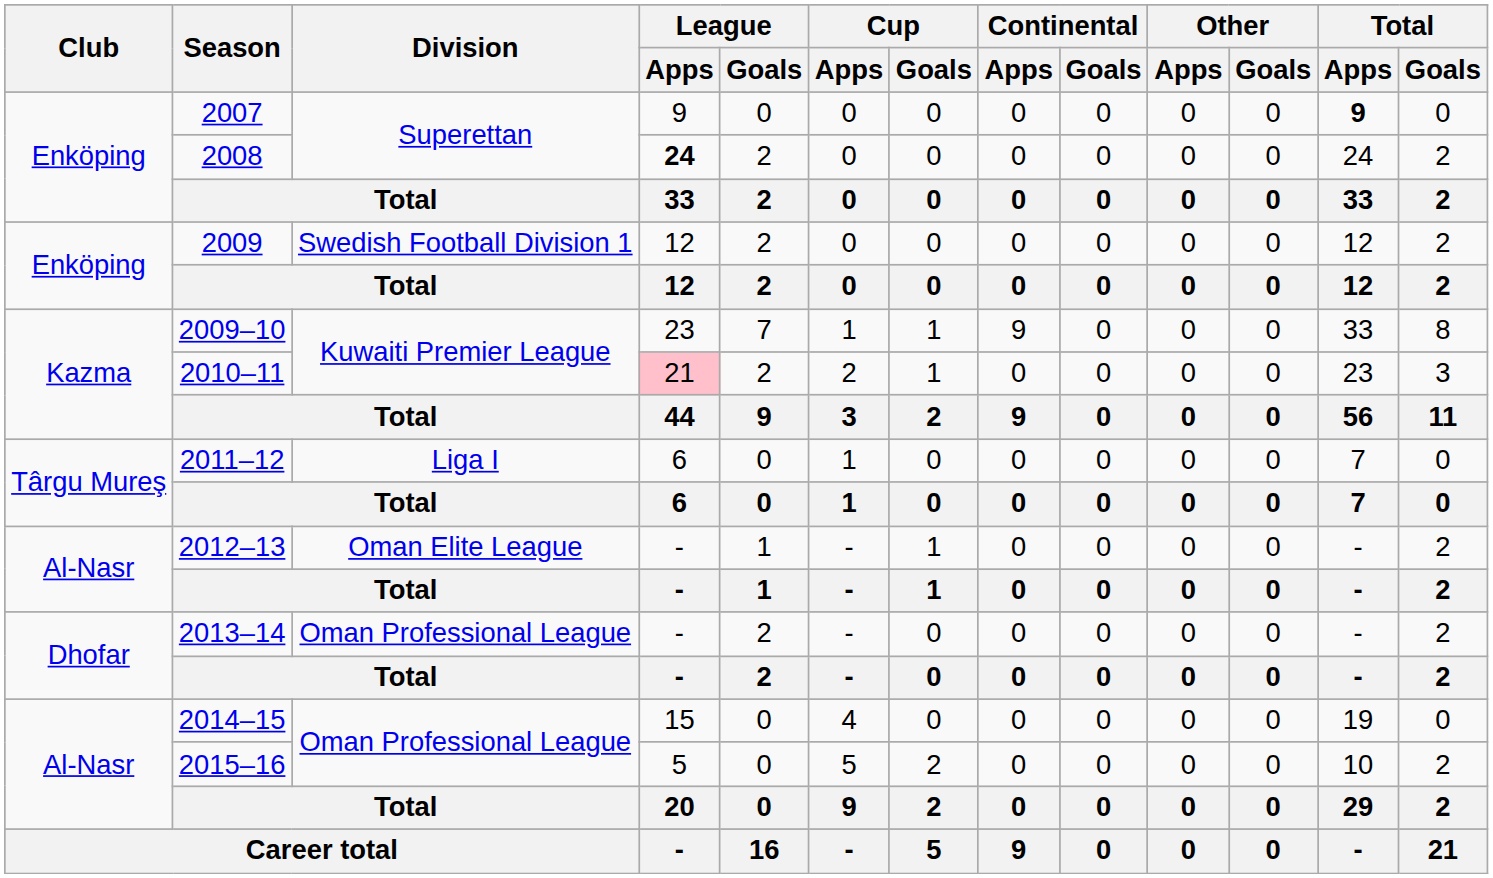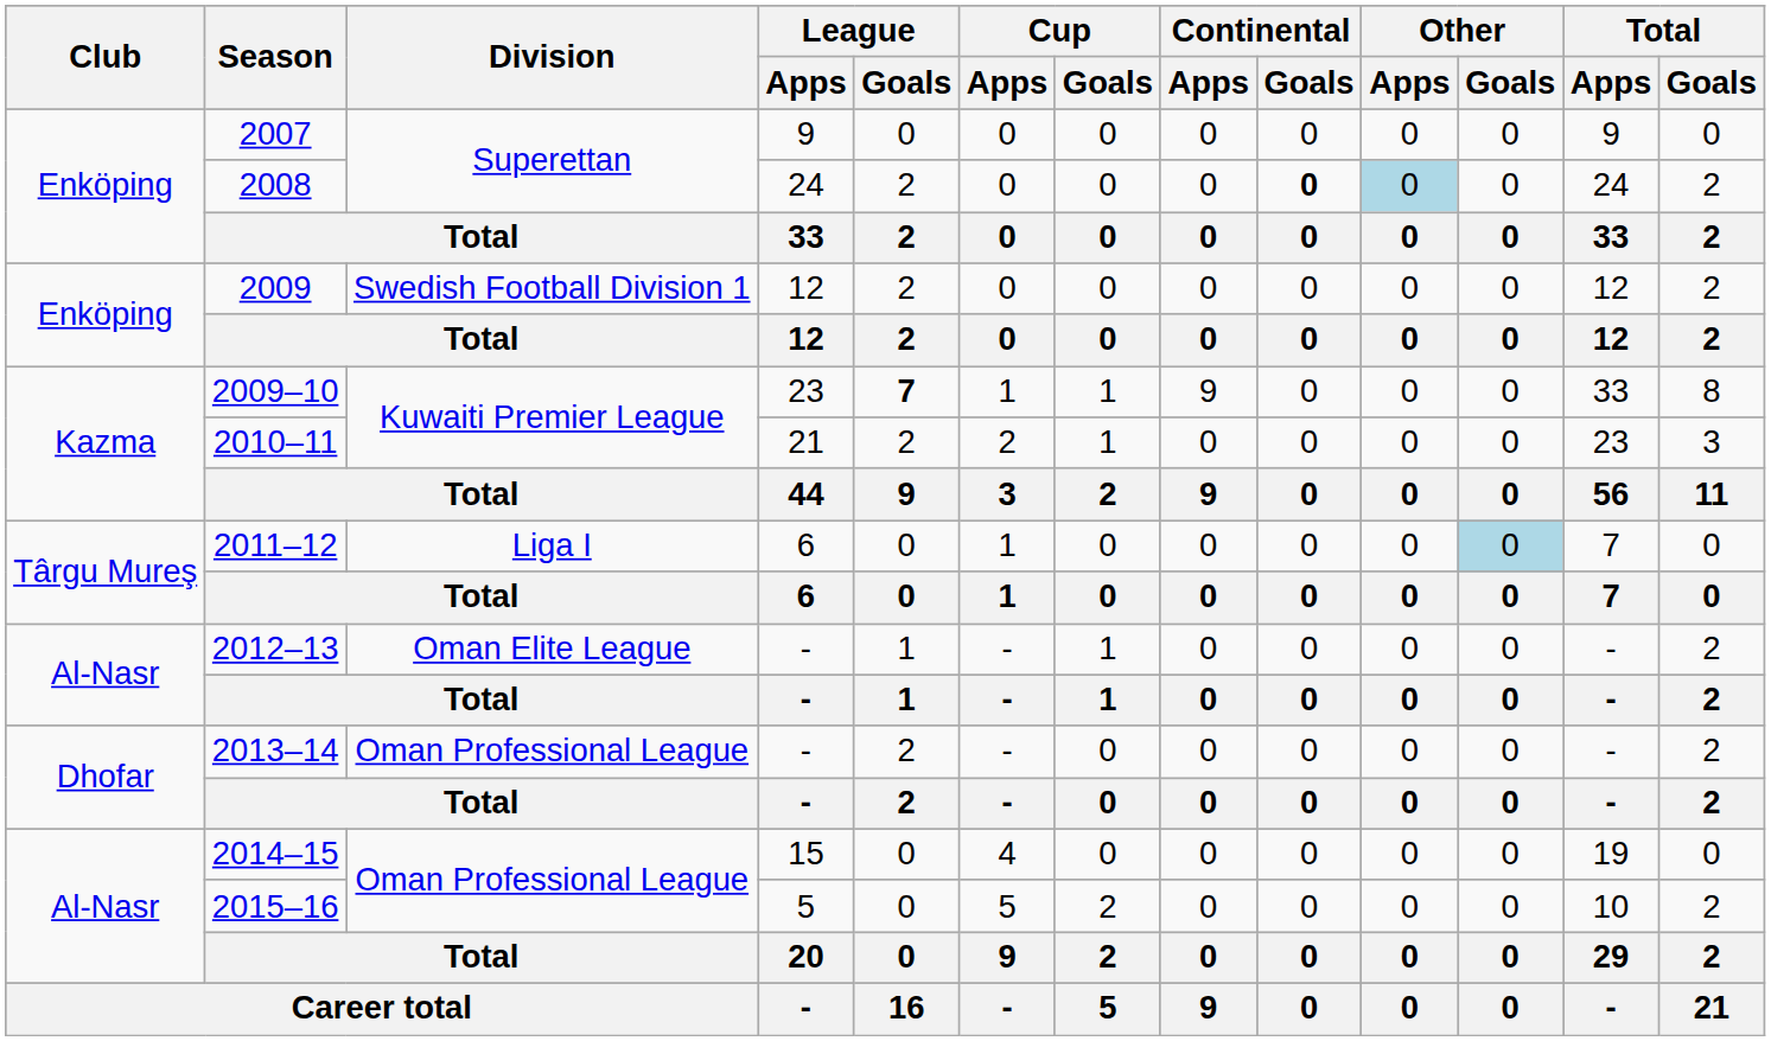 <table class="wikitable" style="text-align: center;">
 <tr>
 <th rowspan="2">Club</th>
 <th rowspan="2">Season</th>
 <th rowspan="2">Division</th>
 <th colspan="2">League</th>
 <th colspan="2">Cup</th>
 <th colspan="2">Continental</th>
 <th colspan="2">Other</th>
 <th colspan="2">Total</th>
 </tr>
 <tr>
 <th>Apps</th>
 <th>Goals</th>
 <th>Apps</th>
 <th>Goals</th>
 <th>Apps</th>
 <th>Goals</th>
 <th>Apps</th>
 <th>Goals</th>
 <th>Apps</th>
 <th>Goals</th>
 </tr>
 <tr>
 <td rowspan="3"><a href='#'>Enköping</a></td>
 <td><a href='#'>2007</a></td>
 <td rowspan="2"><a href='#'>Superettan</a></td>
 <td>9</td>
 <td>0</td>
 <td>0</td>
 <td>0</td>
 <td>0</td>
 <td>0</td>
 <td>0</td>
 <td>0</td>
-<td><strong>9</strong></td>
+<td>9</td>
 <td>0</td>
 </tr>
 <tr>
 <td><a href='#'>2008</a></td>
-<td><strong>24</strong></td>
+<td>24</td>
 <td>2</td>
 <td>0</td>
 <td>0</td>
 <td>0</td>
-<td>0</td>
-<td>0</td>
+<td><strong>0</strong></td>
+<td style="background: lightblue;">0</td>
 <td>0</td>
 <td>24</td>
 <td>2</td>
 </tr>
 <tr>
 <th colspan="2">Total</th>
 <th>33</th>
 <th>2</th>
 <th>0</th>
 <th>0</th>
 <th>0</th>
 <th>0</th>
 <th>0</th>
 <th>0</th>
 <th>33</th>
 <th>2</th>
 </tr>
 <tr>
 <td rowspan="2"><a href='#'>Enköping</a></td>
 <td><a href='#'>2009</a></td>
 <td rowspan="1"><a href='#'>Swedish Football Division 1</a></td>
 <td>12</td>
 <td>2</td>
 <td>0</td>
 <td>0</td>
 <td>0</td>
 <td>0</td>
 <td>0</td>
 <td>0</td>
 <td>12</td>
 <td>2</td>
 </tr>
 <tr>
 <th colspan="2">Total</th>
 <th>12</th>
 <th>2</th>
 <th>0</th>
 <th>0</th>
 <th>0</th>
 <th>0</th>
 <th>0</th>
 <th>0</th>
 <th>12</th>
 <th>2</th>
 </tr>
 <tr>
 <td rowspan="3"><a href='#'>Kazma</a></td>
 <td><a href='#'>2009–10</a></td>
 <td rowspan="2"><a href='#'>Kuwaiti Premier League</a></td>
 <td>23</td>
-<td>7</td>
+<td><strong>7</strong></td>
 <td>1</td>
 <td>1</td>
 <td>9</td>
 <td>0</td>
 <td>0</td>
 <td>0</td>
 <td>33</td>
 <td>8</td>
 </tr>
 <tr>
 <td><a href='#'>2010–11</a></td>
-<td style="background: pink;">21</td>
+<td>21</td>
 <td>2</td>
 <td>2</td>
 <td>1</td>
 <td>0</td>
 <td>0</td>
 <td>0</td>
 <td>0</td>
 <td>23</td>
 <td>3</td>
 </tr>
 <tr>
 <th colspan="2">Total</th>
 <th>44</th>
 <th>9</th>
 <th>3</th>
 <th>2</th>
 <th>9</th>
 <th>0</th>
 <th>0</th>
 <th>0</th>
 <th>56</th>
 <th>11</th>
 </tr>
 <tr>
 <td rowspan="2"><a href='#'>Târgu Mureş</a></td>
 <td><a href='#'>2011–12</a></td>
 <td rowspan="1"><a href='#'>Liga I</a></td>
 <td>6</td>
 <td>0</td>
 <td>1</td>
 <td>0</td>
 <td>0</td>
 <td>0</td>
 <td>0</td>
-<td>0</td>
+<td style="background: lightblue;">0</td>
 <td>7</td>
 <td>0</td>
 </tr>
 <tr>
 <th colspan="2">Total</th>
 <th>6</th>
 <th>0</th>
 <th>1</th>
 <th>0</th>
 <th>0</th>
 <th>0</th>
 <th>0</th>
 <th>0</th>
 <th>7</th>
 <th>0</th>
 </tr>
 <tr>
 <td rowspan="2"><a href='#'>Al-Nasr</a></td>
 <td><a href='#'>2012–13</a></td>
 <td rowspan="1"><a href='#'>Oman Elite League</a></td>
 <td>-</td>
 <td>1</td>
 <td>-</td>
 <td>1</td>
 <td>0</td>
 <td>0</td>
 <td>0</td>
 <td>0</td>
 <td>-</td>
 <td>2</td>
 </tr>
 <tr>
 <th colspan="2">Total</th>
 <th>-</th>
 <th>1</th>
 <th>-</th>
 <th>1</th>
 <th>0</th>
 <th>0</th>
 <th>0</th>
 <th>0</th>
 <th>-</th>
 <th>2</th>
 </tr>
 <tr>
 <td rowspan="2"><a href='#'>Dhofar</a></td>
 <td><a href='#'>2013–14</a></td>
 <td rowspan="1"><a href='#'>Oman Professional League</a></td>
 <td>-</td>
 <td>2</td>
 <td>-</td>
 <td>0</td>
 <td>0</td>
 <td>0</td>
 <td>0</td>
 <td>0</td>
 <td>-</td>
 <td>2</td>
 </tr>
 <tr>
 <th colspan="2">Total</th>
 <th>-</th>
 <th>2</th>
 <th>-</th>
 <th>0</th>
 <th>0</th>
 <th>0</th>
 <th>0</th>
 <th>0</th>
 <th>-</th>
 <th>2</th>
 </tr>
 <tr>
 <td rowspan="3"><a href='#'>Al-Nasr</a></td>
 <td><a href='#'>2014–15</a></td>
 <td rowspan="2"><a href='#'>Oman Professional League</a></td>
 <td>15</td>
 <td>0</td>
 <td>4</td>
 <td>0</td>
 <td>0</td>
 <td>0</td>
 <td>0</td>
 <td>0</td>
 <td>19</td>
 <td>0</td>
 </tr>
 <tr>
 <td><a href='#'>2015–16</a></td>
 <td>5</td>
 <td>0</td>
 <td>5</td>
 <td>2</td>
 <td>0</td>
 <td>0</td>
 <td>0</td>
 <td>0</td>
 <td>10</td>
 <td>2</td>
 </tr>
 <tr>
 <th colspan="2">Total</th>
 <th>20</th>
 <th>0</th>
 <th>9</th>
 <th>2</th>
 <th>0</th>
 <th>0</th>
 <th>0</th>
 <th>0</th>
 <th>29</th>
 <th>2</th>
 </tr>
 <tr>
 <th colspan="3">Career total</th>
 <th>-</th>
 <th>16</th>
 <th>-</th>
 <th>5</th>
 <th>9</th>
 <th>0</th>
 <th>0</th>
 <th>0</th>
 <th>-</th>
 <th>21</th>
 </tr>
 </table>
